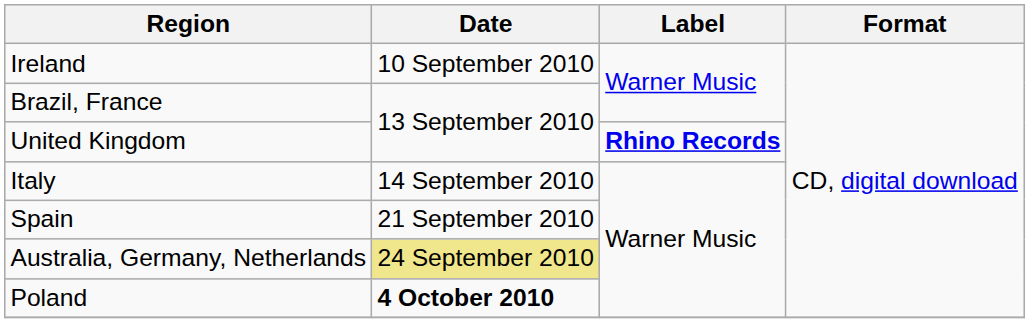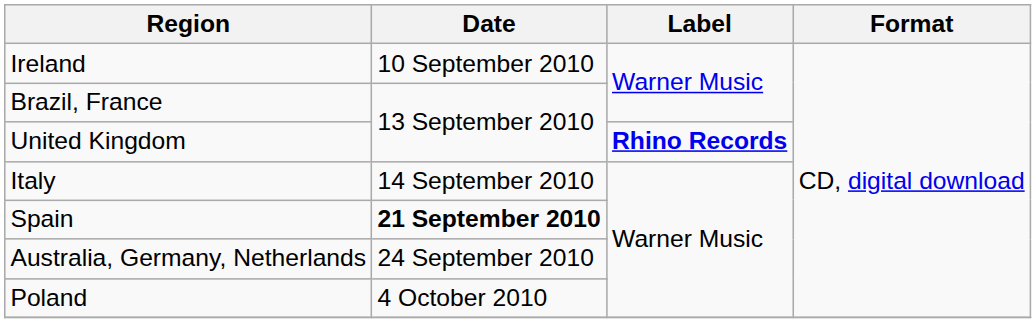 <table class="wikitable">
 <tr>
 <th>Region</th>
 <th>Date</th>
 <th>Label</th>
 <th>Format</th>
 </tr>
 <tr>
 <td>Ireland</td>
 <td>10 September 2010</td>
 <td rowspan="2"><a href='#'>Warner Music</a></td>
 <td rowspan="7">CD, <a href='#'>digital download</a></td>
 </tr>
 <tr>
 <td>Brazil, France</td>
 <td rowspan="2">13 September 2010</td>
 </tr>
 <tr>
 <td>United Kingdom</td>
 <td><strong><a href='#'>Rhino Records</a></strong></td>
 </tr>
 <tr>
 <td>Italy</td>
 <td>14 September 2010</td>
 <td rowspan="4">Warner Music</td>
 </tr>
 <tr>
 <td>Spain</td>
-<td>21 September 2010</td>
+<td><strong>21 September 2010</strong></td>
 </tr>
 <tr>
 <td>Australia, Germany, Netherlands</td>
-<td style="background: khaki;">24 September 2010</td>
+<td>24 September 2010</td>
 </tr>
 <tr>
 <td>Poland</td>
-<td><strong>4 October 2010</strong></td>
+<td>4 October 2010</td>
 </tr>
 <tr>
 </tr>
 </table>
